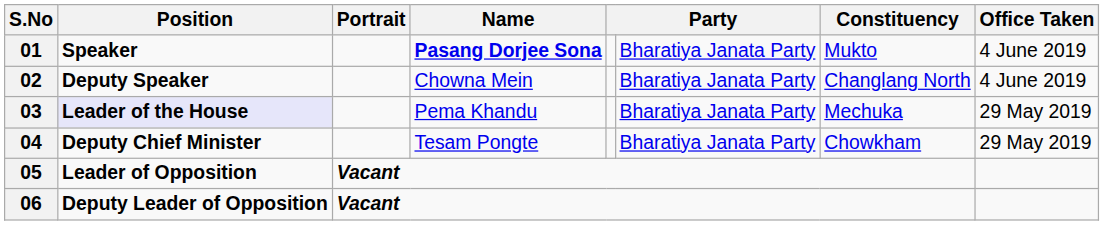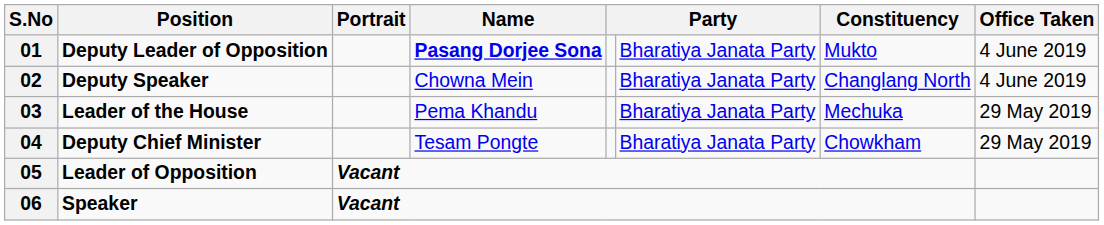 <table class="wikitable">
 <tr>
 <th>S.No</th>
 <th>Position</th>
 <th>Portrait</th>
 <th>Name</th>
 <th colspan="2">Party</th>
 <th>Constituency</th>
 <th>Office Taken</th>
 </tr>
 <tr>
 <th><strong>01</strong></th>
-<td><strong>Speaker</strong></td>
+<td><strong>Deputy Leader of Opposition</strong></td>
 <td></td>
 <td><strong><a href='#'>Pasang Dorjee Sona</a></strong></td>
 <td style="background:"></td>
 <td><a href='#'>Bharatiya Janata Party</a></td>
 <td><a href='#'>Mukto</a></td>
 <td>4 June 2019</td>
 </tr>
 <tr>
 <th><strong>02</strong></th>
 <td><strong>Deputy Speaker</strong></td>
 <td></td>
 <td><a href='#'>Chowna Mein</a></td>
 <td style="background:"></td>
 <td><a href='#'>Bharatiya Janata Party</a></td>
 <td><a href='#'>Changlang North</a></td>
 <td>4 June 2019</td>
 </tr>
 <tr>
 <th><strong>03</strong></th>
-<td style="background: lavender;"><strong>Leader of the House</strong></td>
+<td><strong>Leader of the House</strong></td>
 <td></td>
 <td><a href='#'>Pema Khandu</a></td>
 <td style="background:"></td>
 <td><a href='#'>Bharatiya Janata Party</a></td>
 <td><a href='#'>Mechuka</a></td>
 <td>29 May 2019</td>
 </tr>
 <tr>
 <th><strong>04</strong></th>
 <td><strong>Deputy Chief Minister</strong></td>
 <td></td>
 <td><a href='#'>Tesam Pongte</a></td>
 <td style="background:"></td>
 <td><a href='#'>Bharatiya Janata Party</a></td>
 <td><a href='#'>Chowkham</a></td>
 <td>29 May 2019</td>
 </tr>
 <tr>
 <th><strong>05</strong></th>
 <td><strong>Leader of Opposition</strong></td>
 <td colspan="5"><strong><em>Vacant</em></strong></td>
 <td></td>
 </tr>
 <tr>
 <th>06</th>
-<td><strong>Deputy Leader of Opposition</strong></td>
+<td><strong>Speaker</strong></td>
 <td colspan="5"><strong><em>Vacant</em></strong></td>
 <td></td>
 </tr>
 </table>
